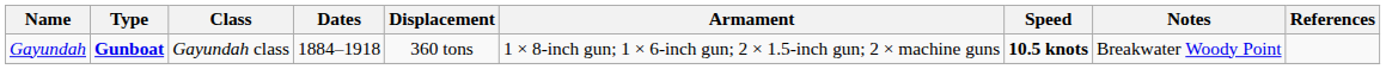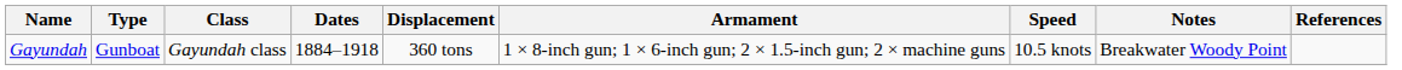 <table class="wikitable" style="text-align: center">
 <tr>
 <th>Name</th>
 <th>Type</th>
 <th>Class</th>
 <th>Dates</th>
 <th>Displacement</th>
 <th>Armament</th>
 <th>Speed</th>
 <th>Notes</th>
 <th>References</th>
 </tr>
 <tr>
 <td><a href='#'><em>Gayundah</em></a></td>
-<td><strong><a href='#'>Gunboat</a></strong></td>
+<td><a href='#'>Gunboat</a></td>
 <td><em>Gayundah</em> class</td>
 <td>1884–1918</td>
 <td>360 tons</td>
 <td>1 × 8-inch gun; 1 × 6-inch gun; 2 × 1.5-inch gun; 2 × machine guns</td>
-<td><strong>10.5 knots</strong></td>
+<td>10.5 knots</td>
 <td>Breakwater <a href='#'>Woody Point</a></td>
 <td></td>
 </tr>
 <tr>
 </tr>
 </table>
